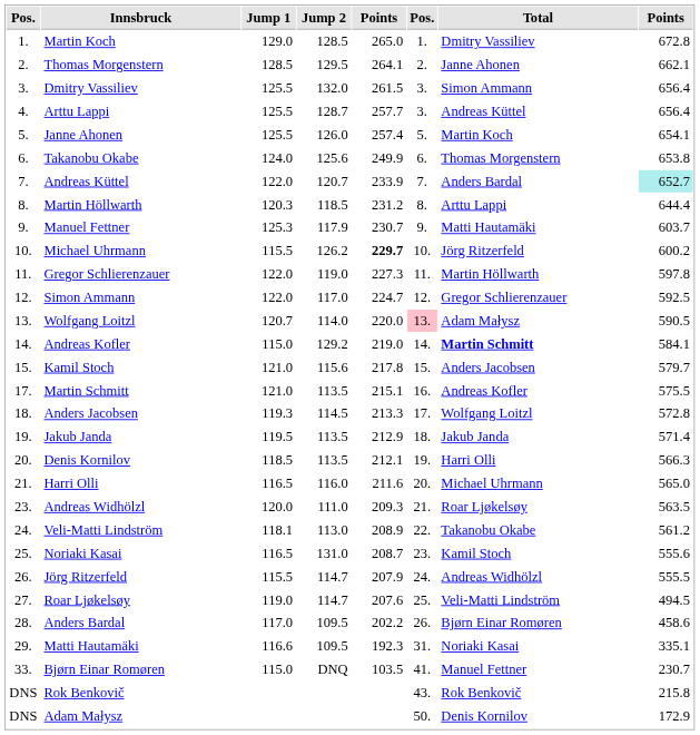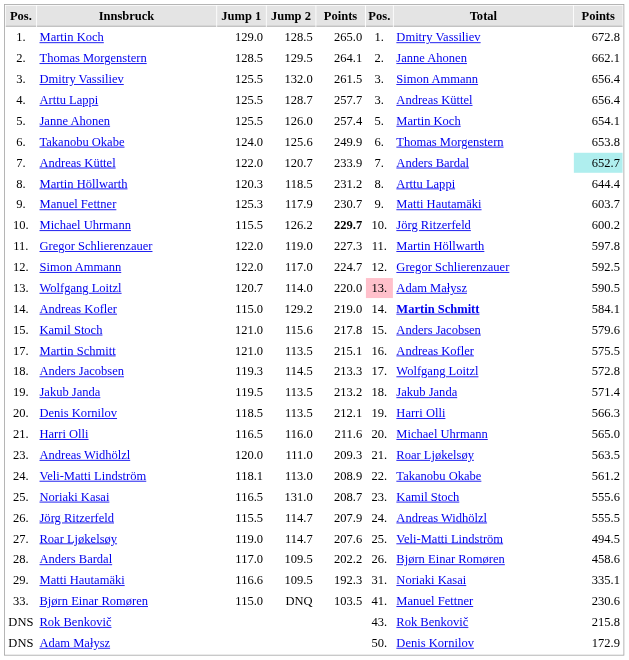 <table cellspacing="1" cellpadding="3" style="border:1px solid #AAAAAA;font-size:90%">
 <tr bgcolor="#E4E4E4">
 <th style="border-bottom:1px solid #AAAAAA" width=10>Pos.</th>
 <th style="border-bottom:1px solid #AAAAAA" width=200>Innsbruck</th>
 <th style="border-bottom:1px solid #AAAAAA" width=50>Jump 1</th>
 <th style="border-bottom:1px solid #AAAAAA" width=50>Jump 2</th>
 <th style="border-bottom:1px solid #AAAAAA" width=50>Points</th>
 <th style="border-bottom:1px solid #AAAAAA" width=10>Pos.</th>
 <th style="border-bottom:1px solid #AAAAAA" width=200>Total</th>
 <th style="border-bottom:1px solid #AAAAAA" width=50>Points</th>
 </tr>
 <tr>
 <td align="center">1.</td>
 <td> <a href='#'>Martin Koch</a></td>
 <td align="right">129.0</td>
 <td align="right">128.5</td>
 <td align="right">265.0</td>
 <td align="center">1.</td>
 <td> <a href='#'>Dmitry Vassiliev</a></td>
 <td align="right">672.8</td>
 </tr>
 <tr>
 <td align="center">2.</td>
 <td> <a href='#'>Thomas Morgenstern</a></td>
 <td align="right">128.5</td>
 <td align="right">129.5</td>
 <td align="right">264.1</td>
 <td align="center">2.</td>
 <td> <a href='#'>Janne Ahonen</a></td>
 <td align="right">662.1</td>
 </tr>
 <tr>
 <td align="center">3.</td>
 <td> <a href='#'>Dmitry Vassiliev</a></td>
 <td align="right">125.5</td>
 <td align="right">132.0</td>
 <td align="right">261.5</td>
 <td align="center">3.</td>
 <td> <a href='#'>Simon Ammann</a></td>
 <td align="right">656.4</td>
 </tr>
 <tr>
 <td align="center">4.</td>
 <td> <a href='#'>Arttu Lappi</a></td>
 <td align="right">125.5</td>
 <td align="right">128.7</td>
 <td align="right">257.7</td>
 <td align="center">3.</td>
 <td> <a href='#'>Andreas Küttel</a></td>
 <td align="right">656.4</td>
 </tr>
 <tr>
 <td align="center">5.</td>
 <td> <a href='#'>Janne Ahonen</a></td>
 <td align="right">125.5</td>
 <td align="right">126.0</td>
 <td align="right">257.4</td>
 <td align="center">5.</td>
 <td> <a href='#'>Martin Koch</a></td>
 <td align="right">654.1</td>
 </tr>
 <tr>
 <td align="center">6.</td>
 <td> <a href='#'>Takanobu Okabe</a></td>
 <td align="right">124.0</td>
 <td align="right">125.6</td>
 <td align="right">249.9</td>
 <td align="center">6.</td>
 <td> <a href='#'>Thomas Morgenstern</a></td>
 <td align="right">653.8</td>
 </tr>
 <tr>
 <td align="center">7.</td>
 <td> <a href='#'>Andreas Küttel</a></td>
 <td align="right">122.0</td>
 <td align="right">120.7</td>
 <td align="right">233.9</td>
 <td align="center">7.</td>
 <td> <a href='#'>Anders Bardal</a></td>
 <td align="right" style="background: paleturquoise;">652.7</td>
 </tr>
 <tr>
 <td align="center">8.</td>
 <td> <a href='#'>Martin Höllwarth</a></td>
 <td align="right">120.3</td>
 <td align="right">118.5</td>
 <td align="right">231.2</td>
 <td align="center">8.</td>
 <td> <a href='#'>Arttu Lappi</a></td>
 <td align="right">644.4</td>
 </tr>
 <tr>
 <td align="center">9.</td>
 <td> <a href='#'>Manuel Fettner</a></td>
 <td align="right">125.3</td>
 <td align="right">117.9</td>
 <td align="right">230.7</td>
 <td align="center">9.</td>
 <td> <a href='#'>Matti Hautamäki</a></td>
 <td align="right">603.7</td>
 </tr>
 <tr>
 <td align="center">10.</td>
 <td> <a href='#'>Michael Uhrmann</a></td>
 <td align="right">115.5</td>
 <td align="right">126.2</td>
 <td align="right"><strong>229.7</strong></td>
 <td align="center">10.</td>
 <td> <a href='#'>Jörg Ritzerfeld</a></td>
 <td align="right">600.2</td>
 </tr>
 <tr>
 <td align="center">11.</td>
 <td> <a href='#'>Gregor Schlierenzauer</a></td>
 <td align="right">122.0</td>
 <td align="right">119.0</td>
 <td align="right">227.3</td>
 <td align="center">11.</td>
 <td> <a href='#'>Martin Höllwarth</a></td>
 <td align="right">597.8</td>
 </tr>
 <tr>
 <td align="center">12.</td>
 <td> <a href='#'>Simon Ammann</a></td>
 <td align="right">122.0</td>
 <td align="right">117.0</td>
 <td align="right">224.7</td>
 <td align="center">12.</td>
 <td> <a href='#'>Gregor Schlierenzauer</a></td>
 <td align="right">592.5</td>
 </tr>
 <tr>
 <td align="center">13.</td>
 <td> <a href='#'>Wolfgang Loitzl</a></td>
 <td align="right">120.7</td>
 <td align="right">114.0</td>
 <td align="right">220.0</td>
 <td align="center" style="background: pink;">13.</td>
 <td> <a href='#'>Adam Małysz</a></td>
 <td align="right">590.5</td>
 </tr>
 <tr>
 <td align="center">14.</td>
 <td> <a href='#'>Andreas Kofler</a></td>
 <td align="right">115.0</td>
 <td align="right">129.2</td>
 <td align="right">219.0</td>
 <td align="center">14.</td>
 <td><strong> <a href='#'>Martin Schmitt</a></strong></td>
 <td align="right">584.1</td>
 </tr>
 <tr>
 <td align="center">15.</td>
 <td> <a href='#'>Kamil Stoch</a></td>
 <td align="right">121.0</td>
 <td align="right">115.6</td>
 <td align="right">217.8</td>
 <td align="center">15.</td>
 <td> <a href='#'>Anders Jacobsen</a></td>
-<td align="right">579.7</td>
+<td align="right">579.6</td>
 </tr>
 <tr>
 <td align="center">17.</td>
 <td> <a href='#'>Martin Schmitt</a></td>
 <td align="right">121.0</td>
 <td align="right">113.5</td>
 <td align="right">215.1</td>
 <td align="center">16.</td>
 <td> <a href='#'>Andreas Kofler</a></td>
 <td align="right">575.5</td>
 </tr>
 <tr>
 <td align="center">18.</td>
 <td> <a href='#'>Anders Jacobsen</a></td>
 <td align="right">119.3</td>
 <td align="right">114.5</td>
 <td align="right">213.3</td>
 <td align="center">17.</td>
 <td> <a href='#'>Wolfgang Loitzl</a></td>
 <td align="right">572.8</td>
 </tr>
 <tr>
 <td align="center">19.</td>
 <td> <a href='#'>Jakub Janda</a></td>
 <td align="right">119.5</td>
 <td align="right">113.5</td>
-<td align="right">212.9</td>
+<td align="right">213.2</td>
 <td align="center">18.</td>
 <td> <a href='#'>Jakub Janda</a></td>
 <td align="right">571.4</td>
 </tr>
 <tr>
 <td align="center">20.</td>
 <td> <a href='#'>Denis Kornilov</a></td>
 <td align="right">118.5</td>
 <td align="right">113.5</td>
 <td align="right">212.1</td>
 <td align="center">19.</td>
 <td> <a href='#'>Harri Olli</a></td>
 <td align="right">566.3</td>
 </tr>
 <tr>
 <td align="center">21.</td>
 <td> <a href='#'>Harri Olli</a></td>
 <td align="right">116.5</td>
 <td align="right">116.0</td>
 <td align="right">211.6</td>
 <td align="center">20.</td>
 <td> <a href='#'>Michael Uhrmann</a></td>
 <td align="right">565.0</td>
 </tr>
 <tr>
 <td align="center">23.</td>
 <td> <a href='#'>Andreas Widhölzl</a></td>
 <td align="right">120.0</td>
 <td align="right">111.0</td>
 <td align="right">209.3</td>
 <td align="center">21.</td>
 <td> <a href='#'>Roar Ljøkelsøy</a></td>
 <td align="right">563.5</td>
 </tr>
 <tr>
 <td align="center">24.</td>
 <td> <a href='#'>Veli-Matti Lindström</a></td>
 <td align="right">118.1</td>
 <td align="right">113.0</td>
 <td align="right">208.9</td>
 <td align="center">22.</td>
 <td> <a href='#'>Takanobu Okabe</a></td>
 <td align="right">561.2</td>
 </tr>
 <tr>
 <td align="center">25.</td>
 <td> <a href='#'>Noriaki Kasai</a></td>
 <td align="right">116.5</td>
 <td align="right">131.0</td>
 <td align="right">208.7</td>
 <td align="center">23.</td>
 <td> <a href='#'>Kamil Stoch</a></td>
 <td align="right">555.6</td>
 </tr>
 <tr>
 <td align="center">26.</td>
 <td> <a href='#'>Jörg Ritzerfeld</a></td>
 <td align="right">115.5</td>
 <td align="right">114.7</td>
 <td align="right">207.9</td>
 <td align="center">24.</td>
 <td> <a href='#'>Andreas Widhölzl</a></td>
 <td align="right">555.5</td>
 </tr>
 <tr>
 <td align="center">27.</td>
 <td> <a href='#'>Roar Ljøkelsøy</a></td>
 <td align="right">119.0</td>
 <td align="right">114.7</td>
 <td align="right">207.6</td>
 <td align="center">25.</td>
 <td> <a href='#'>Veli-Matti Lindström</a></td>
 <td align="right">494.5</td>
 </tr>
 <tr>
 <td align="center">28.</td>
 <td> <a href='#'>Anders Bardal</a></td>
 <td align="right">117.0</td>
 <td align="right">109.5</td>
 <td align="right">202.2</td>
 <td align="center">26.</td>
 <td> <a href='#'>Bjørn Einar Romøren</a></td>
 <td align="right">458.6</td>
 </tr>
 <tr>
 <td align="center">29.</td>
 <td> <a href='#'>Matti Hautamäki</a></td>
 <td align="right">116.6</td>
 <td align="right">109.5</td>
 <td align="right">192.3</td>
 <td align="center">31.</td>
 <td> <a href='#'>Noriaki Kasai</a></td>
 <td align="right">335.1</td>
 </tr>
 <tr>
 <td align="center">33.</td>
 <td> <a href='#'>Bjørn Einar Romøren</a></td>
 <td align="right">115.0</td>
 <td align="right">DNQ</td>
 <td align="right">103.5</td>
 <td align="center">41.</td>
 <td> <a href='#'>Manuel Fettner</a></td>
-<td align="right">230.7</td>
+<td align="right">230.6</td>
 </tr>
 <tr>
 <td align="center">DNS</td>
 <td> <a href='#'>Rok Benkovič</a></td>
 <td align="right"></td>
 <td align="right"></td>
 <td align="right"></td>
 <td align="center">43.</td>
 <td> <a href='#'>Rok Benkovič</a></td>
 <td align="right">215.8</td>
 </tr>
 <tr>
 <td align="center">DNS</td>
 <td> <a href='#'>Adam Małysz</a></td>
 <td align="right"></td>
 <td align="right"></td>
 <td align="right"></td>
 <td align="center">50.</td>
 <td> <a href='#'>Denis Kornilov</a></td>
 <td align="right">172.9</td>
 </tr>
 <tr>
 </tr>
 </table>
